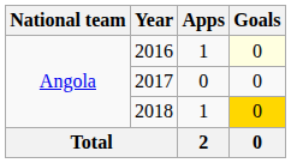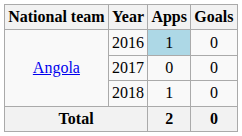 <table class="wikitable" style="text-align:center">
 <tr>
 <th>National team</th>
 <th>Year</th>
 <th>Apps</th>
 <th>Goals</th>
 </tr>
 <tr>
 <td rowspan="3"><a href='#'>Angola</a></td>
 <td>2016</td>
-<td>1</td>
-<td style="background: lightyellow;">0</td>
+<td style="background: lightblue;">1</td>
+<td>0</td>
 </tr>
 <tr>
 <td>2017</td>
 <td>0</td>
 <td>0</td>
 </tr>
 <tr>
 <td>2018</td>
 <td>1</td>
-<td style="background: gold;">0</td>
+<td>0</td>
 </tr>
 <tr>
 <th colspan=2>Total</th>
 <th>2</th>
 <th>0</th>
 </tr>
 </table>
